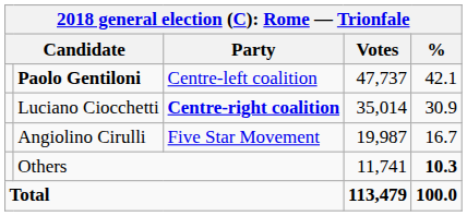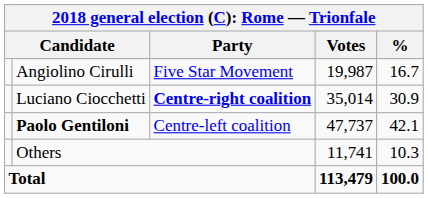 <table class=wikitable style=text-align:right>
 <tr>
 <th colspan=5><a href='#'>2018 general election</a> (<a href='#'>C</a>): <a href='#'>Rome</a> — <a href='#'>Trionfale</a></th>
 </tr>
 <tr>
 <th colspan=2>Candidate</th>
 <th>Party</th>
 <th>Votes</th>
 <th>%</th>
 </tr>
 <tr>
 <td></td>
-<td align=left><strong>Paolo Gentiloni</strong></td>
-<td align=left><a href='#'>Centre-left coalition</a></td>
-<td>47,737</td>
-<td>42.1</td>
+<td align=left>Angiolino Cirulli</td>
+<td align=left><a href='#'>Five Star Movement</a></td>
+<td>19,987</td>
+<td>16.7</td>
 </tr>
 <tr>
 <td></td>
 <td align=left>Luciano Ciocchetti</td>
 <td align=left><strong><a href='#'>Centre-right coalition</a></strong></td>
 <td>35,014</td>
 <td>30.9</td>
 </tr>
 <tr>
 <td></td>
-<td align=left>Angiolino Cirulli</td>
-<td align=left><a href='#'>Five Star Movement</a></td>
-<td>19,987</td>
-<td>16.7</td>
+<td align=left><strong>Paolo Gentiloni</strong></td>
+<td align=left><a href='#'>Centre-left coalition</a></td>
+<td>47,737</td>
+<td>42.1</td>
 </tr>
 <tr>
 <td></td>
 <td align=left colspan=2>Others</td>
 <td>11,741</td>
-<td><strong>10.3</strong></td>
+<td>10.3</td>
 </tr>
 <tr>
 <td align=left colspan=3><strong>Total</strong></td>
 <td><strong>113,479</strong></td>
 <td><strong>100.0</strong></td>
 </tr>
 </table>
